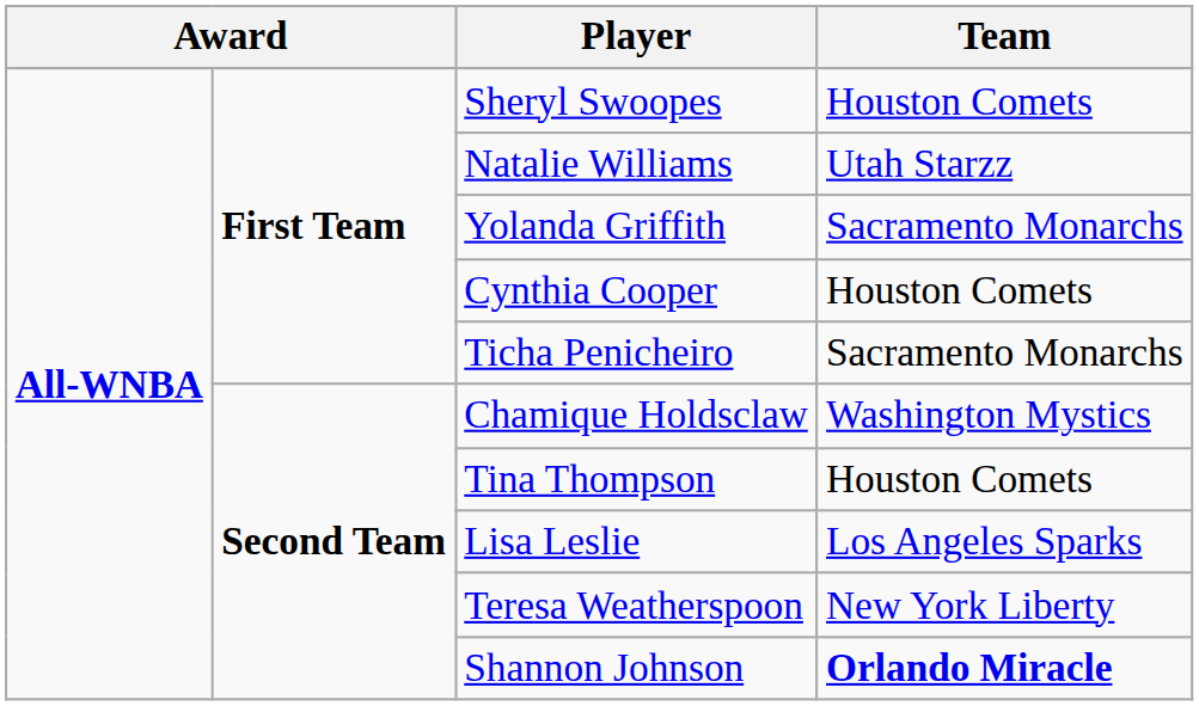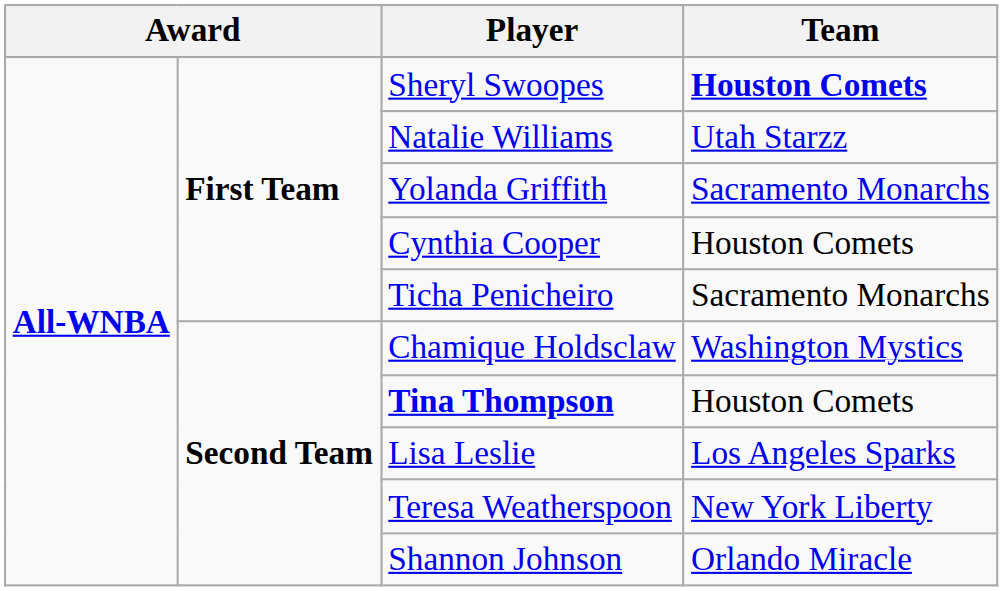 <table class="wikitable">
 <tr>
 <th colspan=2>Award</th>
 <th>Player</th>
 <th>Team</th>
 </tr>
 <tr>
 <td rowspan=10><strong><a href='#'>All-WNBA</a></strong></td>
 <td rowspan=5><strong>First Team</strong></td>
 <td><a href='#'>Sheryl Swoopes</a></td>
-<td><a href='#'>Houston Comets</a></td>
+<td><strong><a href='#'>Houston Comets</a></strong></td>
 </tr>
 <tr>
 <td><a href='#'>Natalie Williams</a></td>
 <td><a href='#'>Utah Starzz</a></td>
 </tr>
 <tr>
 <td><a href='#'>Yolanda Griffith</a></td>
 <td><a href='#'>Sacramento Monarchs</a></td>
 </tr>
 <tr>
 <td><a href='#'>Cynthia Cooper</a></td>
 <td>Houston Comets</td>
 </tr>
 <tr>
 <td><a href='#'>Ticha Penicheiro</a></td>
 <td>Sacramento Monarchs</td>
 </tr>
 <tr>
 <td rowspan=5><strong>Second Team</strong></td>
 <td><a href='#'>Chamique Holdsclaw</a></td>
 <td><a href='#'>Washington Mystics</a></td>
 </tr>
 <tr>
-<td><a href='#'>Tina Thompson</a></td>
+<td><strong><a href='#'>Tina Thompson</a></strong></td>
 <td>Houston Comets</td>
 </tr>
 <tr>
 <td><a href='#'>Lisa Leslie</a></td>
 <td><a href='#'>Los Angeles Sparks</a></td>
 </tr>
 <tr>
 <td><a href='#'>Teresa Weatherspoon</a></td>
 <td><a href='#'>New York Liberty</a></td>
 </tr>
 <tr>
 <td><a href='#'>Shannon Johnson</a></td>
-<td><strong><a href='#'>Orlando Miracle</a></strong></td>
+<td><a href='#'>Orlando Miracle</a></td>
 </tr>
 </table>
